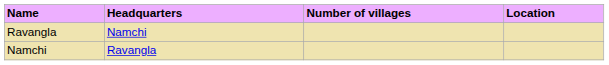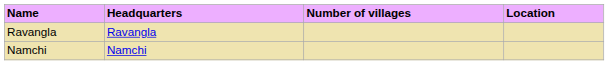 <table class="wikitable sortable" width=65% style="border:1px solid black">
 <tr bgcolor=#EDAFFF>
 <td width="10%"><strong>Name</strong></td>
 <td width="20%"><strong>Headquarters</strong></td>
 <td width="20%"><strong>Number of villages</strong></td>
 <td width="10%"><strong>Location</strong></td>
 </tr>
 <tr bgcolor=#EFE4B0>
 <td>Ravangla</td>
-<td><a href='#'>Namchi</a></td>
+<td><a href='#'>Ravangla</a></td>
 <td></td>
 <td></td>
 </tr>
 <tr bgcolor=#EFE4B0>
 <td>Namchi</td>
-<td><a href='#'>Ravangla</a></td>
+<td><a href='#'>Namchi</a></td>
 <td></td>
 <td></td>
 </tr>
 </table>
